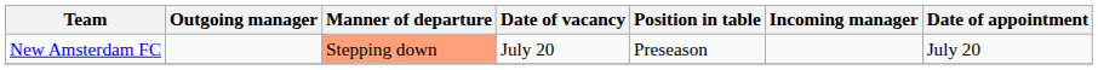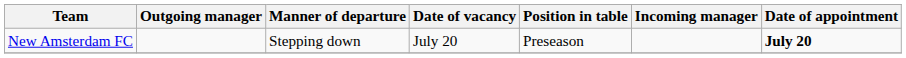 <table class="wikitable sortable">
 <tr>
 <th>Team</th>
 <th>Outgoing manager</th>
 <th>Manner of departure</th>
 <th>Date of vacancy</th>
 <th>Position in table</th>
 <th>Incoming manager</th>
 <th>Date of appointment</th>
 </tr>
 <tr>
 <td><a href='#'>New Amsterdam FC</a></td>
 <td> </td>
-<td style="background: lightsalmon;">Stepping down</td>
+<td>Stepping down</td>
 <td>July 20</td>
 <td>Preseason</td>
 <td> </td>
-<td>July 20</td>
+<td><strong>July 20</strong></td>
 </tr>
 <tr>
 </tr>
 </table>
